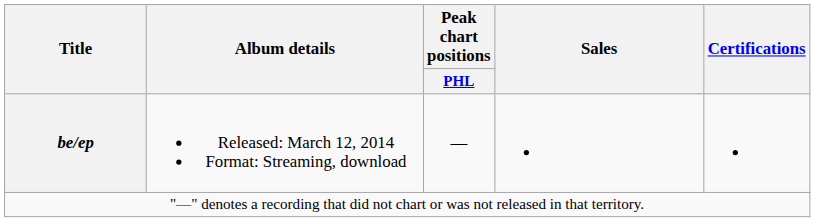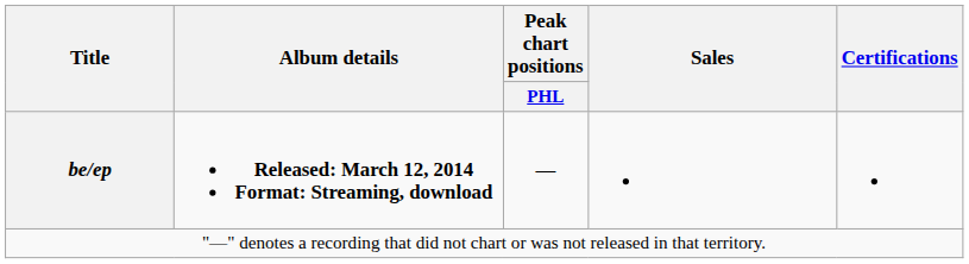 <table class="wikitable plainrowheaders" style="text-align:center;" border="1">
 <tr>
 <th scope="col" rowspan="2" style="width:8em;">Title</th>
 <th scope="col" rowspan="2" style="width:16em;">Album details</th>
 <th scope="col">Peak chart positions</th>
 <th scope="col" rowspan="2" style="width:12em;">Sales</th>
 <th scope="col" rowspan="2"><a href='#'>Certifications</a></th>
 </tr>
 <tr>
 <th scope="col" style="width:2.2em;font-size:90%;"><a href='#'>PHL</a><br></th>
 </tr>
 <tr>
 <th scope="row"><em>be/ep</em></th>
-<td><br><ul><li>Released: March 12, 2014</li><li>Format: Streaming, download</li></ul></td>
+<td><strong><br><ul><li>Released: March 12, 2014</li><li>Format: Streaming, download</li></ul></strong></td>
 <td>—</td>
 <td><br><ul><li></li></ul></td>
 <td><br><ul><li></li></ul></td>
 </tr>
 <tr>
 <td colspan="14" style="font-size:90%">"—" denotes a recording that did not chart or was not released in that territory.</td>
 </tr>
 </table>
